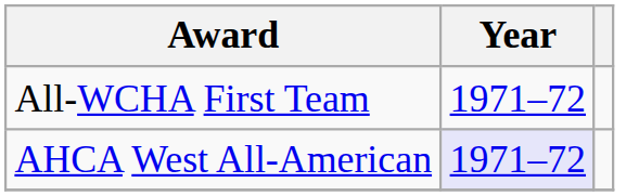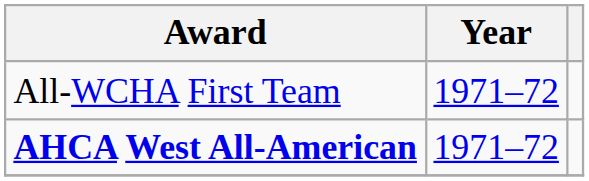 <table class="wikitable">
 <tr>
 <th>Award</th>
 <th>Year</th>
 <th></th>
 </tr>
 <tr>
 <td>All-<a href='#'>WCHA</a> <a href='#'>First Team</a></td>
 <td><a href='#'>1971–72</a></td>
 <td></td>
 </tr>
 <tr>
-<td><a href='#'>AHCA</a> <a href='#'>West All-American</a></td>
-<td style="background: lavender;"><a href='#'>1971–72</a></td>
+<td><strong><a href='#'>AHCA</a> <a href='#'>West All-American</a></strong></td>
+<td><a href='#'>1971–72</a></td>
 <td></td>
 </tr>
 <tr>
 </tr>
 </table>
